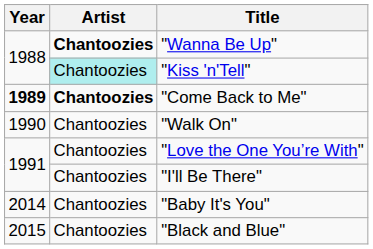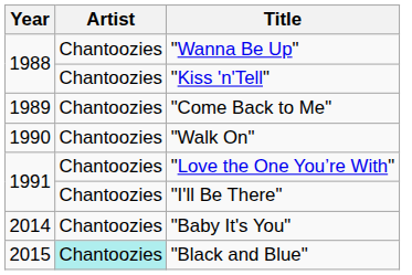 <table class="wikitable">
 <tr>
 <th>Year</th>
 <th>Artist</th>
 <th>Title</th>
 </tr>
 <tr>
 <td rowspan=2>1988</td>
-<td><strong>Chantoozies</strong></td>
+<td>Chantoozies</td>
 <td>"<a href='#'>Wanna Be Up</a>"</td>
 </tr>
 <tr>
-<td style="background: paleturquoise;">Chantoozies</td>
+<td>Chantoozies</td>
 <td>"<a href='#'>Kiss 'n'Tell</a>"</td>
 </tr>
 <tr>
-<td><strong>1989</strong></td>
-<td><strong>Chantoozies</strong></td>
+<td>1989</td>
+<td>Chantoozies</td>
 <td>"Come Back to Me"</td>
 </tr>
 <tr>
 <td>1990</td>
 <td>Chantoozies</td>
 <td>"Walk On"</td>
 </tr>
 <tr>
 <td rowspan=2>1991</td>
 <td>Chantoozies</td>
 <td>"<a href='#'>Love the One You’re With</a>"</td>
 </tr>
 <tr>
 <td>Chantoozies</td>
 <td>"I'll Be There"</td>
 </tr>
 <tr>
 <td>2014</td>
 <td>Chantoozies</td>
 <td>"Baby It's You"</td>
 </tr>
 <tr>
 <td>2015</td>
-<td>Chantoozies</td>
+<td style="background: paleturquoise;">Chantoozies</td>
 <td>"Black and Blue"</td>
 </tr>
 </table>
